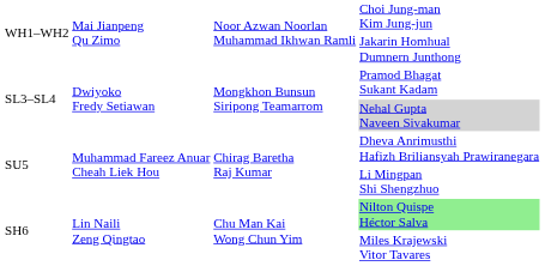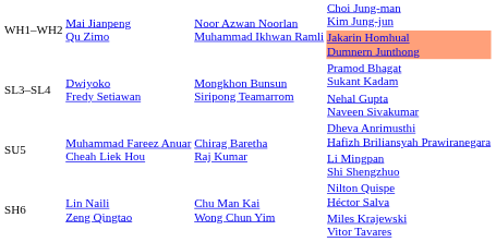 <table>
 <tr>
 <td rowspan="2">WH1–WH2</td>
 <td rowspan="2"> <a href='#'>Mai Jianpeng</a><br> <a href='#'>Qu Zimo</a></td>
 <td rowspan="2"> <a href='#'>Noor Azwan Noorlan</a><br> <a href='#'>Muhammad Ikhwan Ramli</a></td>
 <td> <a href='#'>Choi Jung-man</a><br> <a href='#'>Kim Jung-jun</a></td>
 </tr>
 <tr>
-<td> <a href='#'>Jakarin Homhual</a><br> <a href='#'>Dumnern Junthong</a></td>
+<td style="background: lightsalmon;"> <a href='#'>Jakarin Homhual</a><br> <a href='#'>Dumnern Junthong</a></td>
 </tr>
 <tr>
 <td rowspan="2">SL3–SL4</td>
 <td rowspan="2"> <a href='#'>Dwiyoko</a> <br> <a href='#'>Fredy Setiawan</a></td>
 <td rowspan="2"> <a href='#'>Mongkhon Bunsun</a><br> <a href='#'>Siripong Teamarrom</a></td>
 <td> <a href='#'>Pramod Bhagat</a><br> <a href='#'>Sukant Kadam</a></td>
 </tr>
 <tr>
-<td style="background: lightgrey;"> <a href='#'>Nehal Gupta</a><br> <a href='#'>Naveen Sivakumar</a></td>
+<td> <a href='#'>Nehal Gupta</a><br> <a href='#'>Naveen Sivakumar</a></td>
 </tr>
 <tr>
 <td rowspan="2">SU5</td>
 <td rowspan="2"> <a href='#'>Muhammad Fareez Anuar</a><br> <a href='#'>Cheah Liek Hou</a></td>
 <td rowspan="2"> <a href='#'>Chirag Baretha</a><br> <a href='#'>Raj Kumar</a></td>
 <td> <a href='#'>Dheva Anrimusthi</a><br> <a href='#'>Hafizh Briliansyah Prawiranegara</a></td>
 </tr>
 <tr>
 <td> <a href='#'>Li Mingpan</a><br> <a href='#'>Shi Shengzhuo</a></td>
 </tr>
 <tr>
 <td rowspan="2">SH6</td>
 <td rowspan="2"> <a href='#'>Lin Naili</a><br> <a href='#'>Zeng Qingtao</a></td>
 <td rowspan="2"> <a href='#'>Chu Man Kai</a><br> <a href='#'>Wong Chun Yim</a></td>
-<td style="background: lightgreen;"> <a href='#'>Nilton Quispe</a><br> <a href='#'>Héctor Salva</a></td>
+<td> <a href='#'>Nilton Quispe</a><br> <a href='#'>Héctor Salva</a></td>
 </tr>
 <tr>
 <td> <a href='#'>Miles Krajewski</a><br> <a href='#'>Vitor Tavares</a></td>
 </tr>
 </table>
